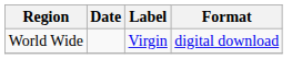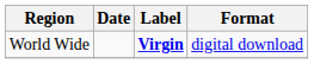 <table class="wikitable">
 <tr>
 <th>Region</th>
 <th>Date</th>
 <th>Label</th>
 <th>Format</th>
 </tr>
 <tr>
 <td>World Wide</td>
 <td rowspan="1"></td>
-<td rowspan="1"><a href='#'>Virgin</a></td>
+<td rowspan="1"><strong><a href='#'>Virgin</a></strong></td>
 <td rowspan="1"><a href='#'>digital download</a></td>
 </tr>
 <tr>
 </tr>
 </table>
